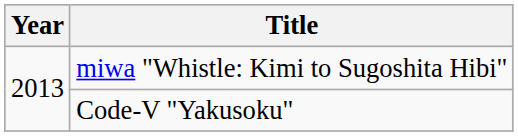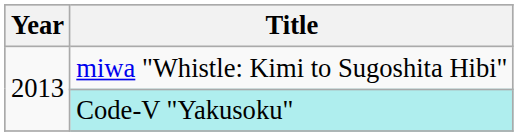 <table class="wikitable">
 <tr>
 <th>Year</th>
 <th>Title</th>
 </tr>
 <tr>
 <td rowspan="2">2013</td>
 <td><a href='#'>miwa</a> "Whistle: Kimi to Sugoshita Hibi"</td>
 </tr>
 <tr>
-<td>Code-V "Yakusoku"</td>
+<td style="background: paleturquoise;">Code-V "Yakusoku"</td>
 </tr>
 </table>
